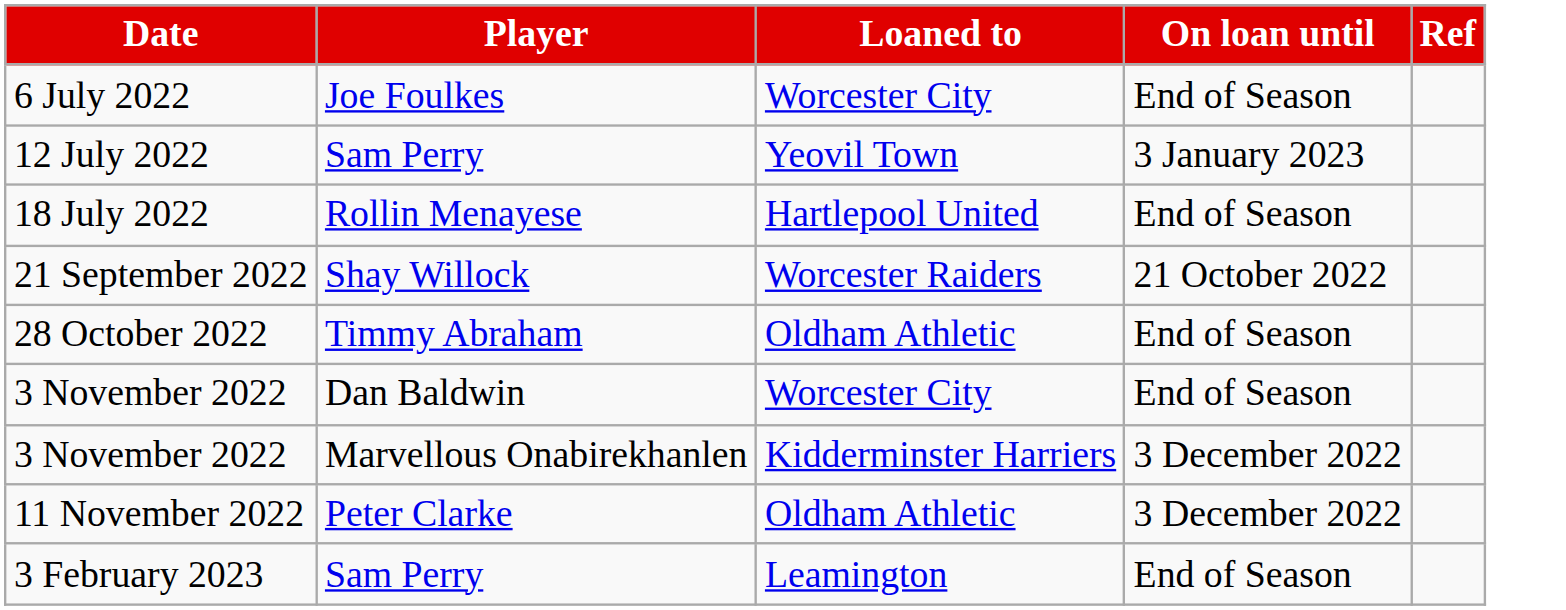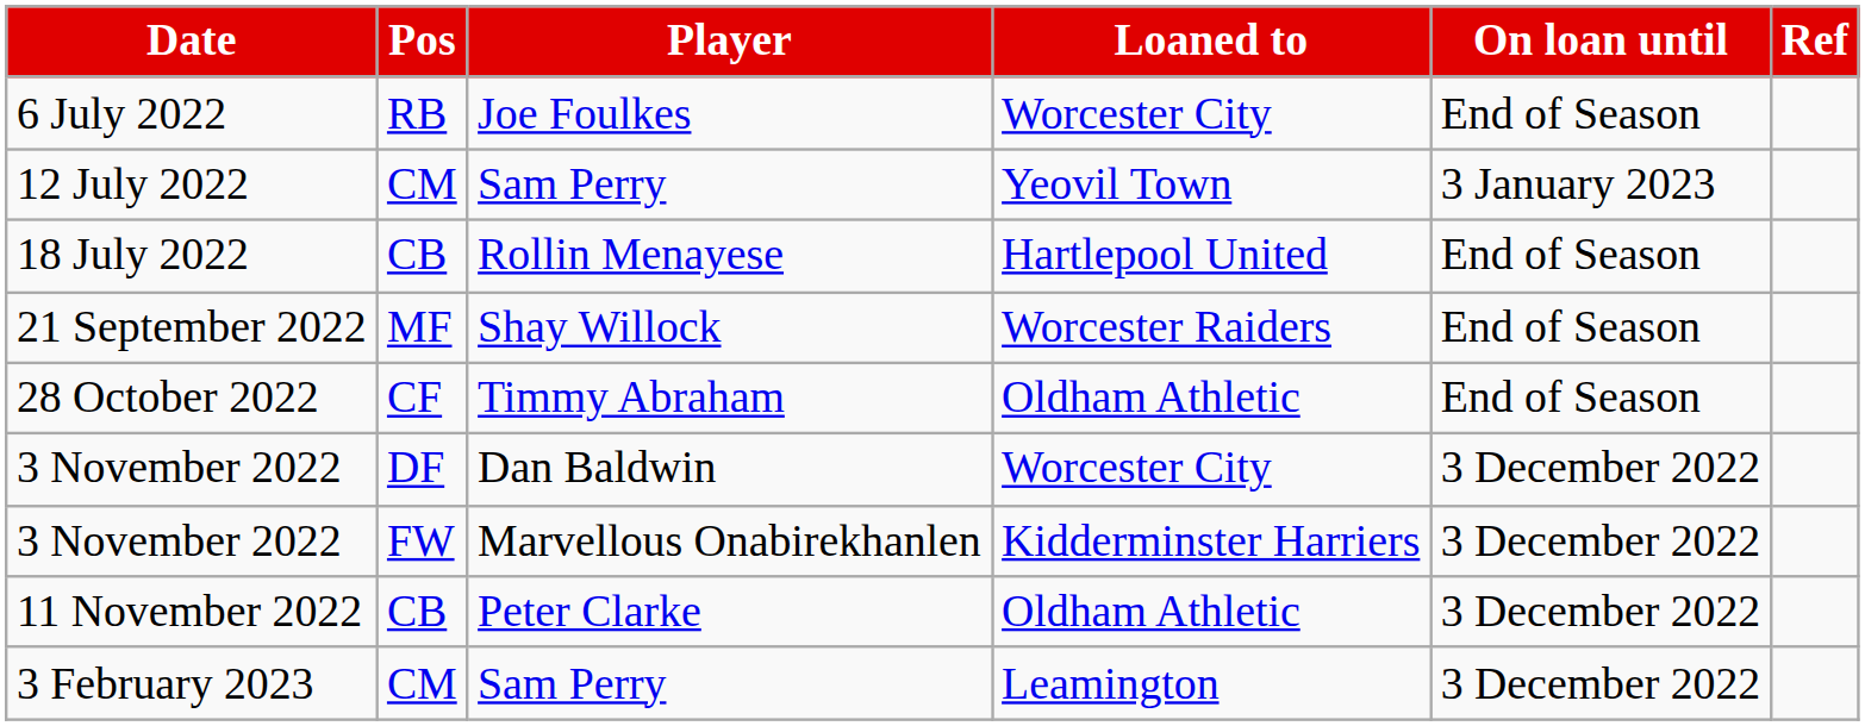 <table class="wikitable plainrowheaders sortable">
 <tr>
 <th style="background:#E00000; color:#FFFFFF; ">Date</th>
+<th style="background:#E00000; color:#FFFFFF; ">Pos</th>
 <th style="background:#E00000; color:#FFFFFF; ">Player</th>
 <th style="background:#E00000; color:#FFFFFF; ">Loaned to</th>
 <th style="background:#E00000; color:#FFFFFF; ">On loan until</th>
 <th style="background:#E00000; color:#FFFFFF; ">Ref</th>
 </tr>
 <tr>
 <td>6 July 2022</td>
+<td><a href='#'>RB</a></td>
 <td> <a href='#'>Joe Foulkes</a></td>
 <td> <a href='#'>Worcester City</a></td>
 <td>End of Season</td>
 <td></td>
 </tr>
 <tr>
 <td>12 July 2022</td>
+<td><a href='#'>CM</a></td>
 <td> <a href='#'>Sam Perry</a></td>
 <td> <a href='#'>Yeovil Town</a></td>
 <td>3 January 2023</td>
 <td></td>
 </tr>
 <tr>
 <td>18 July 2022</td>
+<td><a href='#'>CB</a></td>
 <td> <a href='#'>Rollin Menayese</a></td>
 <td> <a href='#'>Hartlepool United</a></td>
 <td>End of Season</td>
 <td></td>
 </tr>
 <tr>
 <td>21 September 2022</td>
+<td><a href='#'>MF</a></td>
 <td> <a href='#'>Shay Willock</a></td>
 <td> <a href='#'>Worcester Raiders</a></td>
-<td>21 October 2022</td>
+<td>End of Season</td>
 <td></td>
 </tr>
 <tr>
 <td>28 October 2022</td>
+<td><a href='#'>CF</a></td>
 <td> <a href='#'>Timmy Abraham</a></td>
 <td> <a href='#'>Oldham Athletic</a></td>
 <td>End of Season</td>
 <td></td>
 </tr>
 <tr>
 <td>3 November 2022</td>
+<td><a href='#'>DF</a></td>
 <td> Dan Baldwin</td>
 <td> <a href='#'>Worcester City</a></td>
-<td>End of Season</td>
+<td>3 December 2022</td>
 <td></td>
 </tr>
 <tr>
 <td>3 November 2022</td>
+<td><a href='#'>FW</a></td>
 <td> Marvellous Onabirekhanlen</td>
 <td> <a href='#'>Kidderminster Harriers</a></td>
 <td>3 December 2022</td>
 <td></td>
 </tr>
 <tr>
 <td>11 November 2022</td>
+<td><a href='#'>CB</a></td>
 <td> <a href='#'>Peter Clarke</a></td>
 <td> <a href='#'>Oldham Athletic</a></td>
 <td>3 December 2022</td>
 <td></td>
 </tr>
 <tr>
 <td>3 February 2023</td>
+<td><a href='#'>CM</a></td>
 <td> <a href='#'>Sam Perry</a></td>
 <td> <a href='#'>Leamington</a></td>
-<td>End of Season</td>
+<td>3 December 2022</td>
 <td></td>
 </tr>
 </table>
